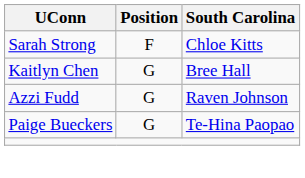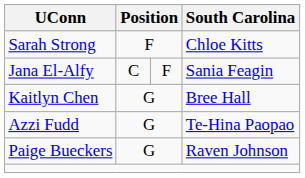 <table class="wikitable">
 <tr>
 <th>UConn</th>
 <th colspan="2">Position</th>
 <th>South Carolina</th>
 </tr>
 <tr>
 <td><a href='#'>Sarah Strong</a></td>
 <td colspan=2 style="text-align:center">F</td>
 <td><a href='#'>Chloe Kitts</a></td>
 </tr>
 <tr>
+<td><a href='#'>Jana El-Alfy</a></td>
+<td style="text-align:center">C</td>
+<td style="text-align:center">F</td>
+<td><a href='#'>Sania Feagin</a></td>
+</tr>
+<tr>
 <td><a href='#'>Kaitlyn Chen</a></td>
 <td colspan=2 style="text-align:center">G</td>
 <td><a href='#'>Bree Hall</a></td>
 </tr>
 <tr>
 <td><a href='#'>Azzi Fudd</a></td>
 <td colspan=2 style="text-align:center">G</td>
-<td><a href='#'>Raven Johnson</a></td>
+<td><a href='#'>Te-Hina Paopao</a></td>
 </tr>
 <tr>
 <td><a href='#'>Paige Bueckers</a></td>
 <td colspan=2 style="text-align:center">G</td>
-<td><a href='#'>Te-Hina Paopao</a></td>
+<td><a href='#'>Raven Johnson</a></td>
 </tr>
 <tr>
 <td style="text-align:center" colspan=4></td>
 </tr>
 </table>
